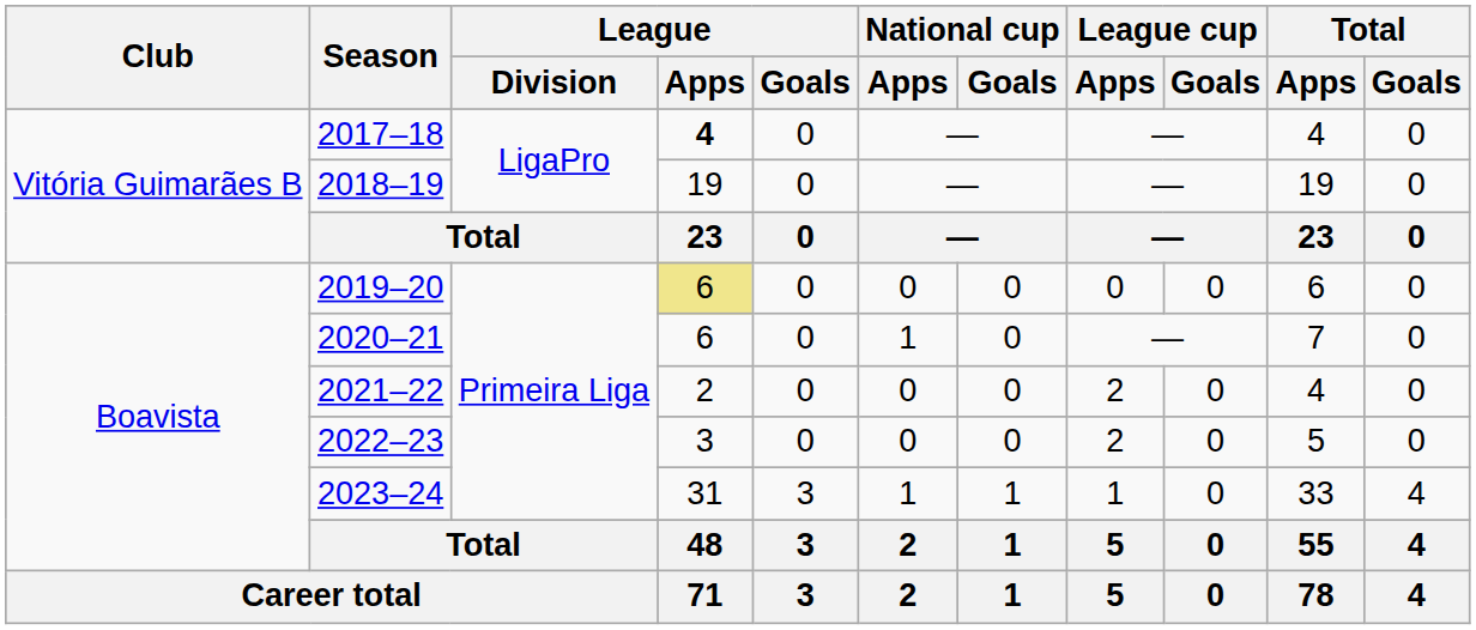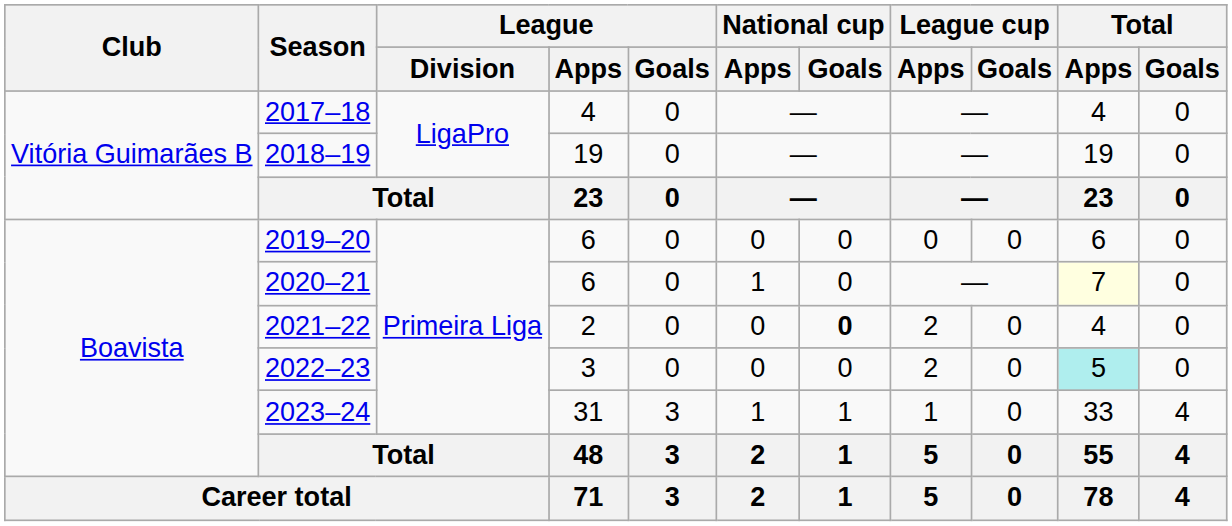 <table class="wikitable" style="text-align: center">
 <tr>
 <th rowspan="2">Club</th>
 <th rowspan="2">Season</th>
 <th colspan="3">League</th>
 <th colspan="2">National cup</th>
 <th colspan="2">League cup</th>
 <th colspan="2">Total</th>
 </tr>
 <tr>
 <th>Division</th>
 <th>Apps</th>
 <th>Goals</th>
 <th>Apps</th>
 <th>Goals</th>
 <th>Apps</th>
 <th>Goals</th>
 <th>Apps</th>
 <th>Goals</th>
 </tr>
 <tr>
 <td rowspan="3"><a href='#'>Vitória Guimarães B</a></td>
 <td><a href='#'>2017–18</a></td>
 <td rowspan="2"><a href='#'>LigaPro</a></td>
-<td><strong>4</strong></td>
+<td>4</td>
 <td>0</td>
 <td colspan="2">—</td>
 <td colspan="2">—</td>
 <td>4</td>
 <td>0</td>
 </tr>
 <tr>
 <td><a href='#'>2018–19</a></td>
 <td>19</td>
 <td>0</td>
 <td colspan="2">—</td>
 <td colspan="2">—</td>
 <td>19</td>
 <td>0</td>
 </tr>
 <tr>
 <th colspan="2">Total</th>
 <th>23</th>
 <th>0</th>
 <th colspan="2">—</th>
 <th colspan="2">—</th>
 <th>23</th>
 <th>0</th>
 </tr>
 <tr>
 <td rowspan="6"><a href='#'>Boavista</a></td>
 <td><a href='#'>2019–20</a></td>
 <td rowspan="5"><a href='#'>Primeira Liga</a></td>
-<td style="background: khaki;">6</td>
+<td>6</td>
 <td>0</td>
 <td>0</td>
 <td>0</td>
 <td>0</td>
 <td>0</td>
 <td>6</td>
 <td>0</td>
 </tr>
 <tr>
 <td><a href='#'>2020–21</a></td>
 <td>6</td>
 <td>0</td>
 <td>1</td>
 <td>0</td>
 <td colspan="2">—</td>
-<td>7</td>
+<td style="background: lightyellow;">7</td>
 <td>0</td>
 </tr>
 <tr>
 <td><a href='#'>2021–22</a></td>
 <td>2</td>
 <td>0</td>
 <td>0</td>
-<td>0</td>
+<td><strong>0</strong></td>
 <td>2</td>
 <td>0</td>
 <td>4</td>
 <td>0</td>
 </tr>
 <tr>
 <td><a href='#'>2022–23</a></td>
 <td>3</td>
 <td>0</td>
 <td>0</td>
 <td>0</td>
 <td>2</td>
 <td>0</td>
-<td>5</td>
+<td style="background: paleturquoise;">5</td>
 <td>0</td>
 </tr>
 <tr>
 <td><a href='#'>2023–24</a></td>
 <td>31</td>
 <td>3</td>
 <td>1</td>
 <td>1</td>
 <td>1</td>
 <td>0</td>
 <td>33</td>
 <td>4</td>
 </tr>
 <tr>
 <th colspan="2">Total</th>
 <th>48</th>
 <th>3</th>
 <th>2</th>
 <th>1</th>
 <th>5</th>
 <th>0</th>
 <th>55</th>
 <th>4</th>
 </tr>
 <tr>
 <th colspan="3">Career total</th>
 <th>71</th>
 <th>3</th>
 <th>2</th>
 <th>1</th>
 <th>5</th>
 <th>0</th>
 <th>78</th>
 <th>4</th>
 </tr>
 </table>
